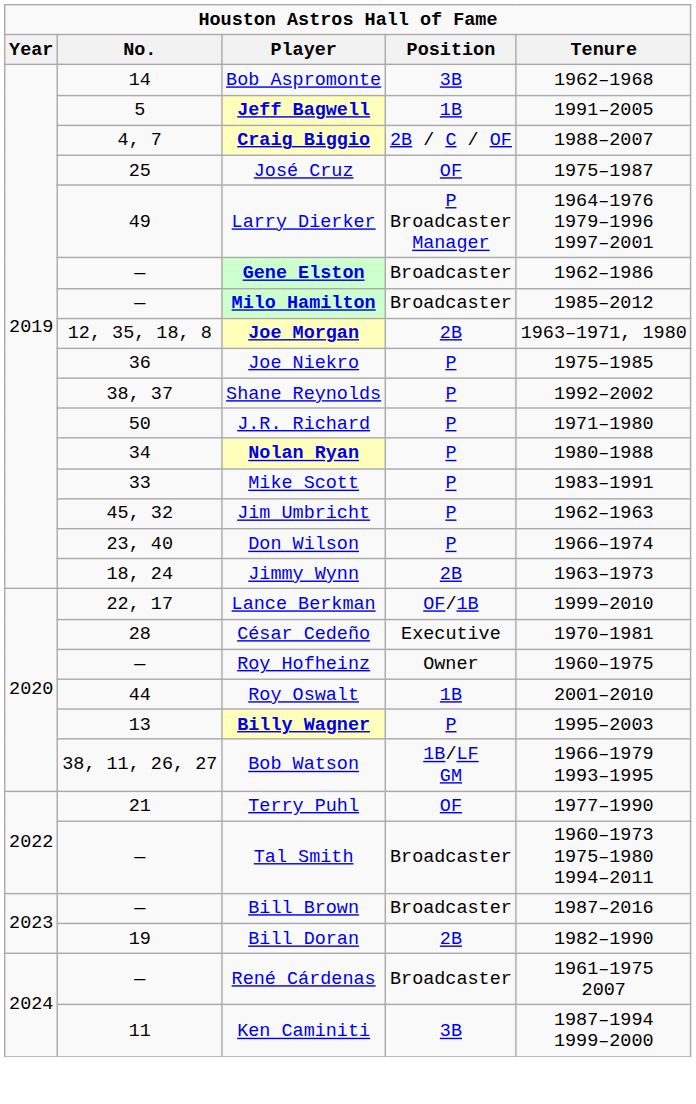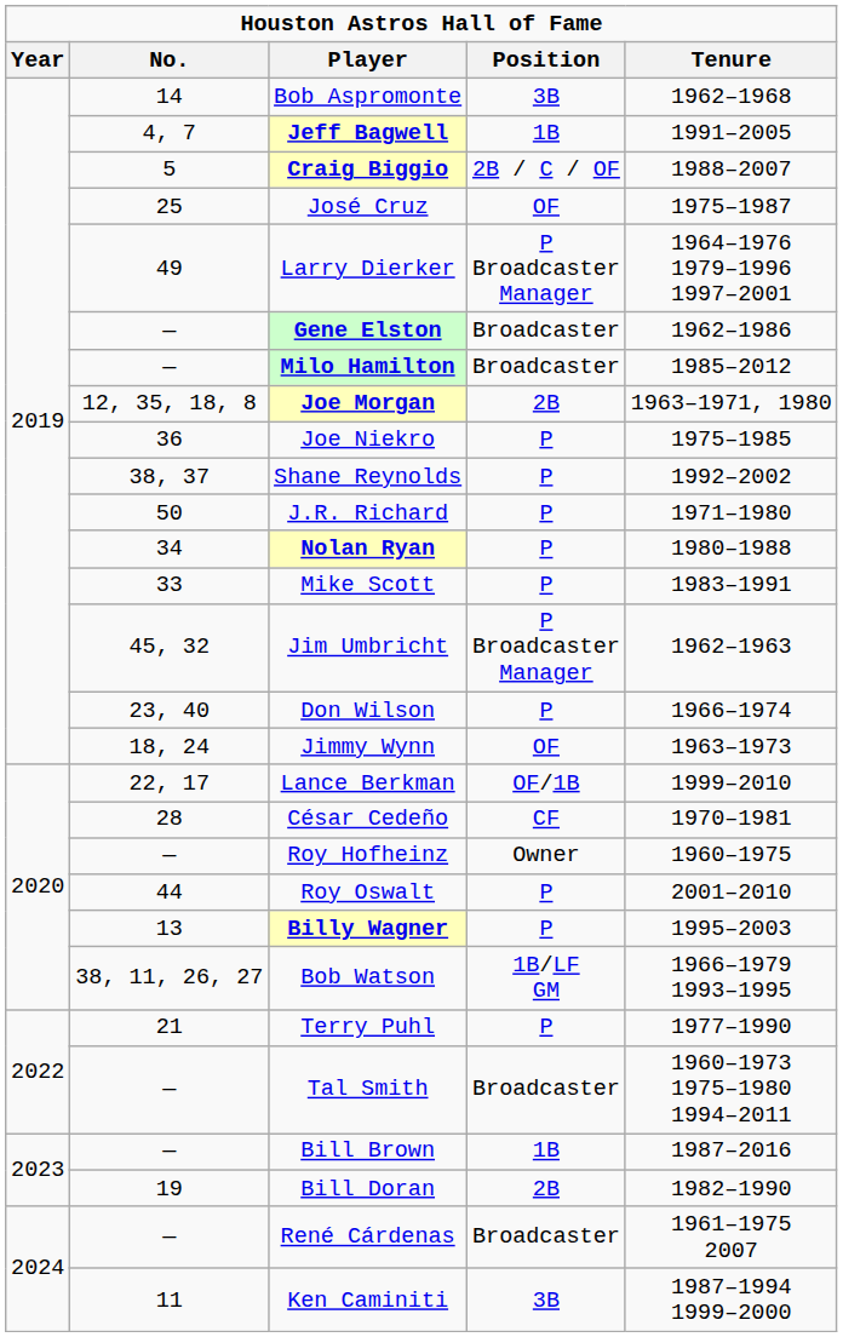 <table class="wikitable" style="text-align:center">
 <tr>
 <td colspan="5"><strong>Houston Astros Hall of Fame</strong></td>
 </tr>
 <tr>
 <th>Year</th>
 <th>No.</th>
 <th>Player</th>
 <th>Position</th>
 <th>Tenure</th>
 </tr>
 <tr>
 <td rowspan=16>2019</td>
 <td>14</td>
 <td><a href='#'>Bob Aspromonte</a></td>
 <td><a href='#'>3B</a></td>
 <td>1962–1968</td>
 </tr>
 <tr>
-<td>5</td>
+<td>4, 7</td>
 <td style="background:#ffb;"><strong><a href='#'>Jeff Bagwell</a></strong></td>
 <td><a href='#'>1B</a></td>
 <td>1991–2005</td>
 </tr>
 <tr>
-<td>4, 7</td>
+<td>5</td>
 <td style="background:#ffb;"><strong><a href='#'>Craig Biggio</a></strong></td>
 <td><a href='#'>2B</a> / <a href='#'>C</a> / <a href='#'>OF</a></td>
 <td>1988–2007</td>
 </tr>
 <tr>
 <td>25</td>
 <td><a href='#'>José Cruz</a></td>
 <td><a href='#'>OF</a></td>
 <td>1975–1987</td>
 </tr>
 <tr>
 <td>49</td>
 <td><a href='#'>Larry Dierker</a></td>
 <td><a href='#'>P</a><br>Broadcaster<br><a href='#'>Manager</a></td>
 <td>1964–1976<br>1979–1996<br>1997–2001</td>
 </tr>
 <tr>
 <td>—</td>
 <td style="background:#cfc;"><strong><a href='#'>Gene Elston</a></strong></td>
 <td>Broadcaster</td>
 <td>1962–1986</td>
 </tr>
 <tr>
 <td>—</td>
 <td style="background:#cfc;"><strong><a href='#'>Milo Hamilton</a></strong></td>
 <td>Broadcaster</td>
 <td>1985–2012</td>
 </tr>
 <tr>
 <td>12, 35, 18, 8</td>
 <td style="background:#ffb;"><strong><a href='#'>Joe Morgan</a></strong></td>
 <td><a href='#'>2B</a></td>
 <td>1963–1971, 1980</td>
 </tr>
 <tr>
 <td>36</td>
 <td><a href='#'>Joe Niekro</a></td>
 <td><a href='#'>P</a></td>
 <td>1975–1985</td>
 </tr>
 <tr>
 <td>38, 37</td>
 <td><a href='#'>Shane Reynolds</a></td>
 <td><a href='#'>P</a></td>
 <td>1992–2002</td>
 </tr>
 <tr>
 <td>50</td>
 <td><a href='#'>J.R. Richard</a></td>
 <td><a href='#'>P</a></td>
 <td>1971–1980</td>
 </tr>
 <tr>
 <td>34</td>
 <td style="background:#ffb;"><strong><a href='#'>Nolan Ryan</a></strong></td>
 <td><a href='#'>P</a></td>
 <td>1980–1988</td>
 </tr>
 <tr>
 <td>33</td>
 <td><a href='#'>Mike Scott</a></td>
 <td><a href='#'>P</a></td>
 <td>1983–1991</td>
 </tr>
 <tr>
 <td>45, 32</td>
 <td><a href='#'>Jim Umbricht</a></td>
-<td><a href='#'>P</a></td>
+<td><a href='#'>P</a><br>Broadcaster<br><a href='#'>Manager</a></td>
 <td>1962–1963</td>
 </tr>
 <tr>
 <td>23, 40</td>
 <td><a href='#'>Don Wilson</a></td>
 <td><a href='#'>P</a></td>
 <td>1966–1974</td>
 </tr>
 <tr>
 <td>18, 24</td>
 <td><a href='#'>Jimmy Wynn</a></td>
-<td><a href='#'>2B</a></td>
+<td><a href='#'>OF</a></td>
 <td>1963–1973</td>
 </tr>
 <tr>
 <td rowspan=6>2020</td>
 <td>22, 17</td>
 <td><a href='#'>Lance Berkman</a></td>
 <td><a href='#'>OF</a>/<a href='#'>1B</a></td>
 <td>1999–2010</td>
 </tr>
 <tr>
 <td>28</td>
 <td><a href='#'>César Cedeño</a></td>
-<td>Executive</td>
+<td><a href='#'>CF</a></td>
 <td>1970–1981</td>
 </tr>
 <tr>
 <td>—</td>
 <td><a href='#'>Roy Hofheinz</a></td>
 <td>Owner</td>
 <td>1960–1975</td>
 </tr>
 <tr>
 <td>44</td>
 <td><a href='#'>Roy Oswalt</a></td>
-<td><a href='#'>1B</a></td>
+<td><a href='#'>P</a></td>
 <td>2001–2010</td>
 </tr>
 <tr>
 <td>13</td>
 <td style="background:#ffb;"><strong><a href='#'>Billy Wagner</a></strong></td>
 <td><a href='#'>P</a></td>
 <td>1995–2003</td>
 </tr>
 <tr>
 <td>38, 11, 26, 27</td>
 <td><a href='#'>Bob Watson</a></td>
 <td><a href='#'>1B</a>/<a href='#'>LF</a> <br> <a href='#'>GM</a></td>
 <td>1966–1979 <br> 1993–1995</td>
 </tr>
 <tr>
 <td rowspan=2>2022</td>
 <td>21</td>
 <td><a href='#'>Terry Puhl</a></td>
-<td><a href='#'>OF</a></td>
+<td><a href='#'>P</a></td>
 <td>1977–1990</td>
 </tr>
 <tr>
 <td>—</td>
 <td><a href='#'>Tal Smith</a></td>
 <td>Broadcaster</td>
 <td>1960–1973 <br> 1975–1980 <br> 1994–2011</td>
 </tr>
 <tr>
 <td rowspan=2>2023</td>
 <td>—</td>
 <td><a href='#'>Bill Brown</a></td>
-<td>Broadcaster</td>
+<td><a href='#'>1B</a></td>
 <td>1987–2016</td>
 </tr>
 <tr>
 <td>19</td>
 <td><a href='#'>Bill Doran</a></td>
 <td><a href='#'>2B</a></td>
 <td>1982–1990</td>
 </tr>
 <tr>
 <td rowspan=2>2024</td>
 <td>—</td>
 <td><a href='#'>René Cárdenas</a></td>
 <td>Broadcaster</td>
 <td>1961–1975 <br> 2007</td>
 </tr>
 <tr>
 <td>11</td>
 <td><a href='#'>Ken Caminiti</a></td>
 <td><a href='#'>3B</a></td>
 <td>1987–1994 <br> 1999–2000</td>
 </tr>
 </table>
